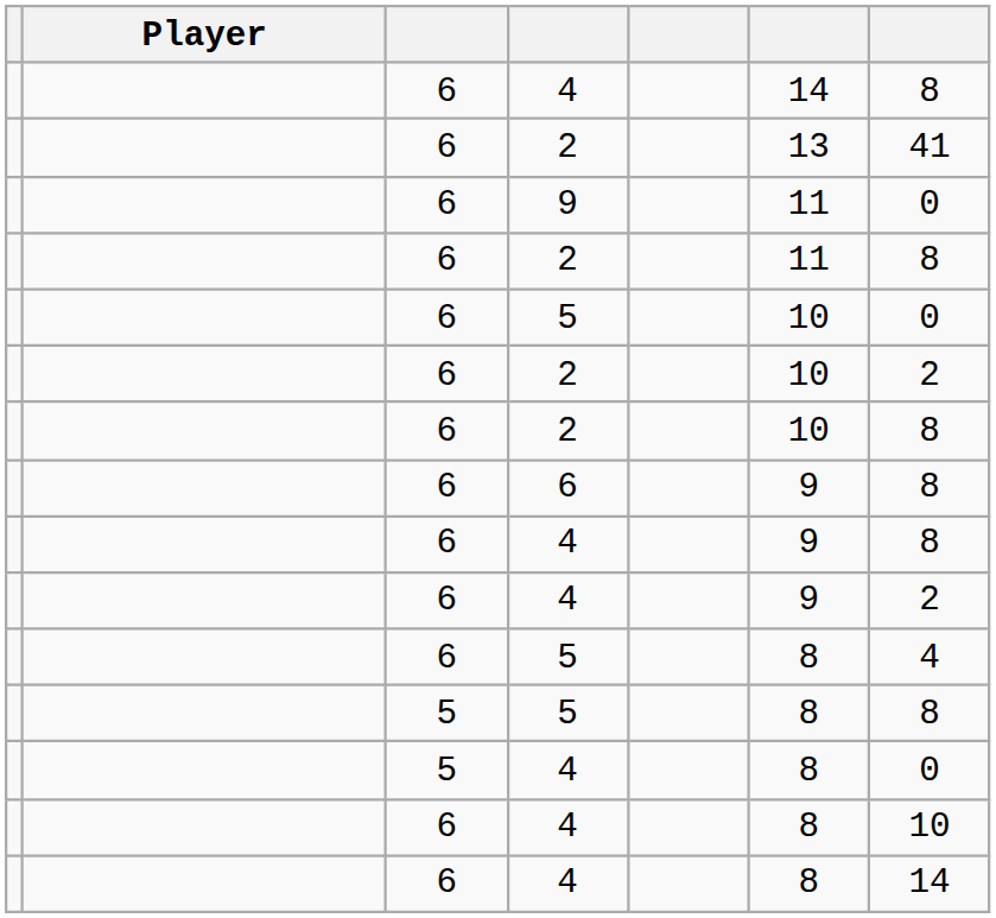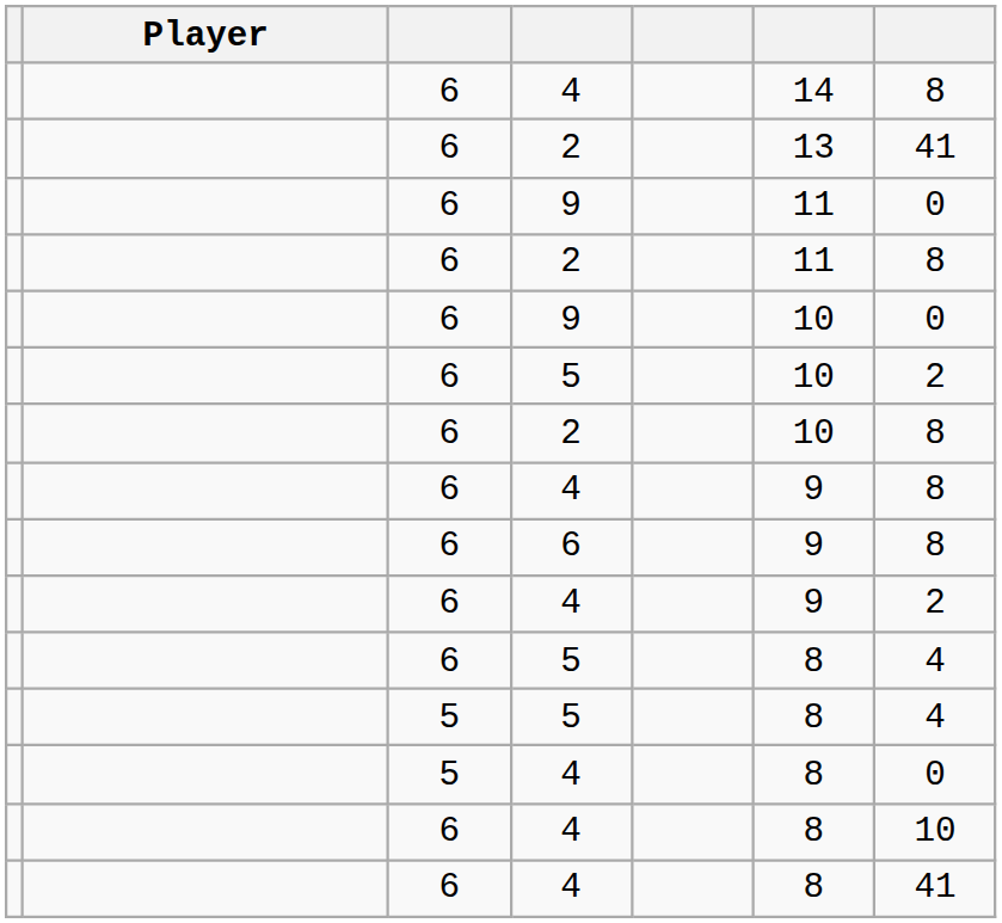 <table class="wikitable sortable" style="text-align: center">
 <tr>
 <th></th>
 <th style="width: 10em;">Player</th>
 <th style="width: 3em;"></th>
 <th style="width: 3em;"></th>
 <th style="width: 3em;"></th>
 <th style="width: 3em;"></th>
 <th style="width: 3em;"></th>
 </tr>
 <tr>
 <td></td>
 <td align="left"></td>
 <td>6</td>
 <td>4</td>
 <td></td>
 <td>14</td>
 <td>8</td>
 </tr>
 <tr>
 <td></td>
 <td align="left"></td>
 <td>6</td>
 <td>2</td>
 <td></td>
 <td>13</td>
 <td>41</td>
 </tr>
 <tr>
 <td></td>
 <td align="left"></td>
 <td>6</td>
 <td>9</td>
 <td></td>
 <td>11</td>
 <td>0</td>
 </tr>
 <tr>
 <td></td>
 <td align="left"></td>
 <td>6</td>
 <td>2</td>
 <td></td>
 <td>11</td>
 <td>8</td>
 </tr>
 <tr>
 <td></td>
 <td align="left"></td>
 <td>6</td>
-<td>5</td>
+<td>9</td>
 <td></td>
 <td>10</td>
 <td>0</td>
 </tr>
 <tr>
 <td></td>
 <td align="left"></td>
 <td>6</td>
-<td>2</td>
+<td>5</td>
 <td></td>
 <td>10</td>
 <td>2</td>
 </tr>
 <tr>
 <td></td>
 <td align="left"></td>
 <td>6</td>
 <td>2</td>
 <td></td>
 <td>10</td>
 <td>8</td>
 </tr>
 <tr>
 <td></td>
 <td align="left"></td>
 <td>6</td>
-<td>6</td>
+<td>4</td>
 <td></td>
 <td>9</td>
 <td>8</td>
 </tr>
 <tr>
 <td></td>
 <td align="left"></td>
 <td>6</td>
-<td>4</td>
+<td>6</td>
 <td></td>
 <td>9</td>
 <td>8</td>
 </tr>
 <tr>
 <td></td>
 <td align="left"></td>
 <td>6</td>
 <td>4</td>
 <td></td>
 <td>9</td>
 <td>2</td>
 </tr>
 <tr>
 <td></td>
 <td align="left"></td>
 <td>6</td>
 <td>5</td>
 <td></td>
 <td>8</td>
 <td>4</td>
 </tr>
 <tr>
 <td></td>
 <td align="left"></td>
 <td>5</td>
 <td>5</td>
 <td></td>
 <td>8</td>
-<td>8</td>
+<td>4</td>
 </tr>
 <tr>
 <td></td>
 <td align="left"></td>
 <td>5</td>
 <td>4</td>
 <td></td>
 <td>8</td>
 <td>0</td>
 </tr>
 <tr>
 <td></td>
 <td align="left"></td>
 <td>6</td>
 <td>4</td>
 <td></td>
 <td>8</td>
 <td>10</td>
 </tr>
 <tr>
 <td></td>
 <td align="left"></td>
 <td>6</td>
 <td>4</td>
 <td></td>
 <td>8</td>
-<td>14</td>
+<td>41</td>
 </tr>
 </table>
